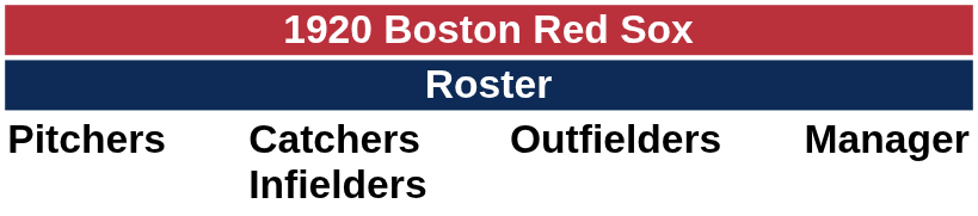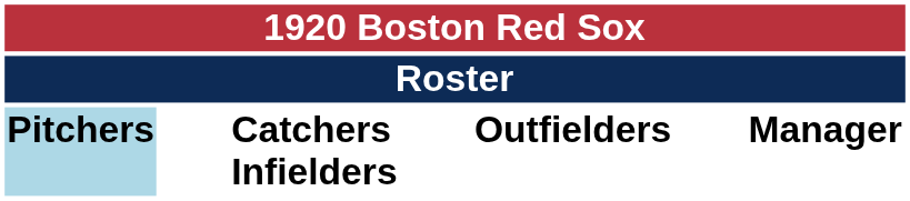 <table class="toccolours" style="text-align: left;">
 <tr>
 <th colspan="10" style="background-color: #ba313c; color: white; text-align: center;">1920 Boston Red Sox</th>
 </tr>
 <tr>
 <td colspan="10" style="background-color: #0d2b56; color: white; text-align: center;"><strong>Roster</strong></td>
 </tr>
 <tr>
-<td valign="top"><strong>Pitchers</strong><br>          </td>
+<td valign="top" style="background: lightblue;"><strong>Pitchers</strong><br>          </td>
 <td width="25px"></td>
 <td valign="top"><strong>Catchers</strong><br>     <strong>Infielders</strong>         </td>
 <td width="25px"></td>
 <td valign="top"><strong>Outfielders</strong><br>        </td>
 <td width="25px"></td>
 <td valign="top"><strong>Manager</strong><br></td>
 </tr>
 <tr>
 </tr>
 </table>
